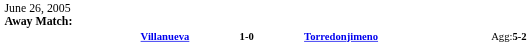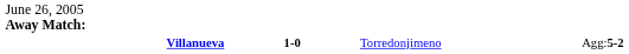 <table width=100% cellspacing=1>
 <tr>
 <th width=20%></th>
 <th width=12%></th>
 <th width=20%></th>
 <th></th>
 </tr>
 <tr>
 <td>June 26, 2005<br><strong>Away Match:</strong></td>
 </tr>
 <tr style=font-size:90%>
 <td align=right><strong><a href='#'>Villanueva</a></strong></td>
 <td align=center><strong>1-0</strong></td>
-<td><strong><a href='#'>Torredonjimeno</a></strong></td>
+<td><a href='#'>Torredonjimeno</a></td>
 <td>Agg:<strong>5-2</strong></td>
 </tr>
 </table>
